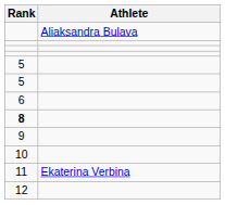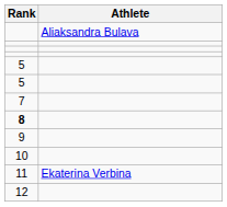 <table class="wikitable" style="text-align: center;">
 <tr>
 <th width=40>Rank</th>
 <th width=250>Athlete</th>
 </tr>
 <tr>
 <td></td>
 <td align="left"> <a href='#'>Aliaksandra Bulava</a> </td>
 </tr>
 <tr>
 <td></td>
 <td align="left"></td>
 </tr>
 <tr>
 <td></td>
 <td align="left"></td>
 </tr>
 <tr>
 <td></td>
 <td align="left"></td>
 </tr>
 <tr>
 <td>5</td>
 <td align="left"></td>
 </tr>
 <tr>
 <td>5</td>
 <td align="left"></td>
 </tr>
 <tr>
-<td>6</td>
+<td>7</td>
 <td align="left"></td>
 </tr>
 <tr>
 <td><strong>8</strong></td>
 <td align="left"></td>
 </tr>
 <tr>
 <td>9</td>
 <td align="left"></td>
 </tr>
 <tr>
 <td>10</td>
 <td align="left"></td>
 </tr>
 <tr>
 <td>11</td>
 <td align="left"> <a href='#'>Ekaterina Verbina</a>  </td>
 </tr>
 <tr>
 <td>12</td>
 <td align="left"></td>
 </tr>
 </table>
